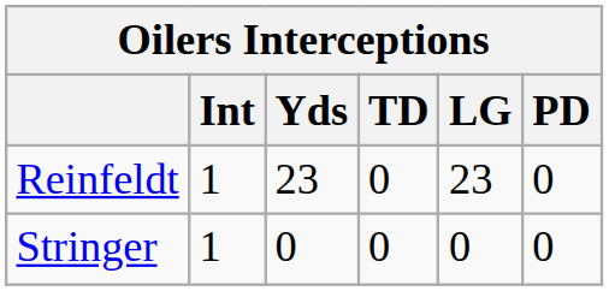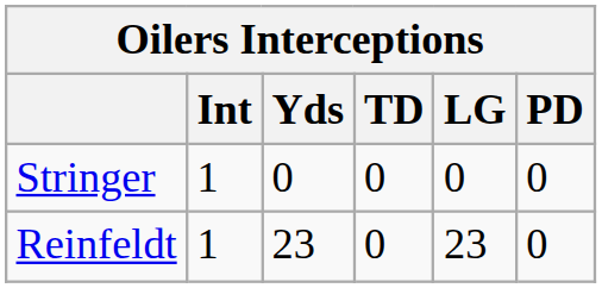 <table class="wikitable">
 <tr>
 <th colspan="6">Oilers Interceptions</th>
 </tr>
 <tr>
 <th></th>
 <th>Int</th>
 <th>Yds</th>
 <th>TD</th>
 <th>LG</th>
 <th>PD</th>
 </tr>
 <tr>
+<td><a href='#'>Stringer</a></td>
+<td>1</td>
+<td>0</td>
+<td>0</td>
+<td>0</td>
+<td>0</td>
+</tr>
+<tr>
 <td><a href='#'>Reinfeldt</a></td>
 <td>1</td>
 <td>23</td>
 <td>0</td>
 <td>23</td>
 <td>0</td>
 </tr>
-<tr>
-<td><a href='#'>Stringer</a></td>
-<td>1</td>
-<td>0</td>
-<td>0</td>
-<td>0</td>
-<td>0</td>
-</tr>
 </table>
